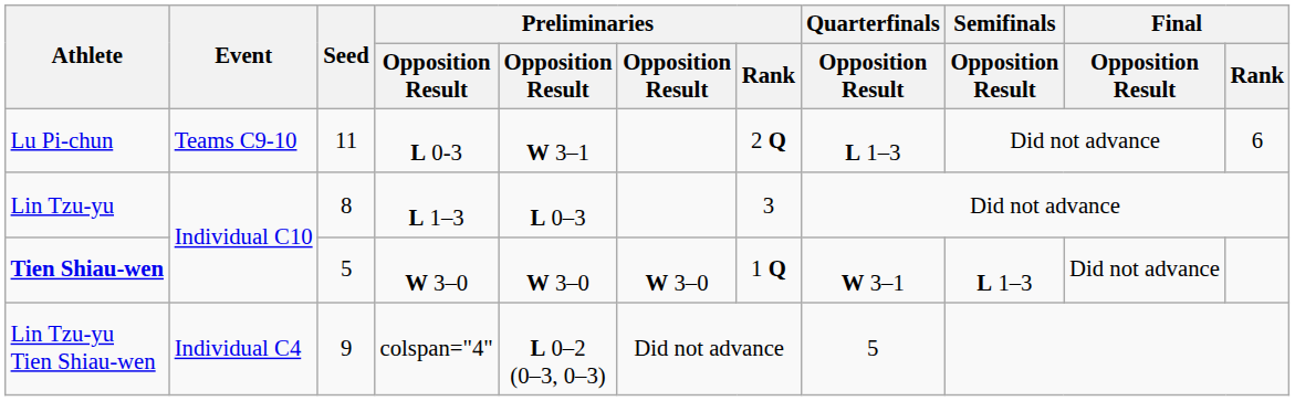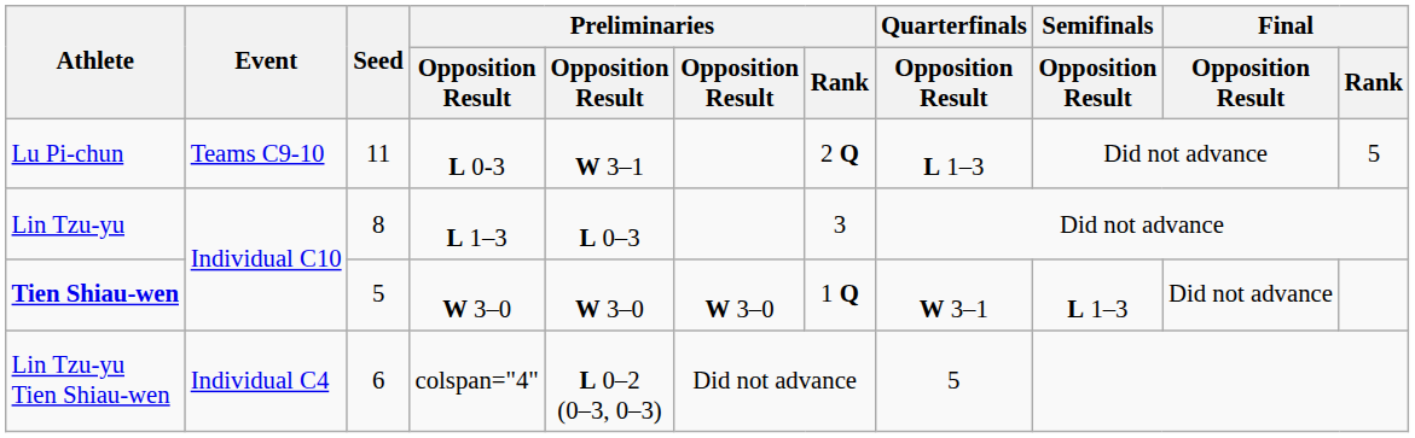 <table class="wikitable" style="font-size:90%; text-align:center">
 <tr>
 <th rowspan="2">Athlete</th>
 <th rowspan="2">Event</th>
 <th rowspan="2">Seed</th>
 <th colspan="4">Preliminaries</th>
 <th>Quarterfinals</th>
 <th>Semifinals</th>
 <th colspan="2">Final</th>
 </tr>
 <tr>
 <th>Opposition<br>Result</th>
 <th>Opposition<br>Result</th>
 <th>Opposition<br>Result</th>
 <th>Rank</th>
 <th>Opposition<br>Result</th>
 <th>Opposition<br>Result</th>
 <th>Opposition<br>Result</th>
 <th>Rank</th>
 </tr>
 <tr>
 <td align="left"><a href='#'>Lu Pi-chun</a></td>
 <td align="left"><a href='#'>Teams C9-10</a></td>
 <td>11</td>
 <td><br> <strong>L</strong> 0-3</td>
 <td><br><strong>W</strong> 3–1</td>
 <td></td>
 <td>2 <strong>Q</strong></td>
 <td><br><strong>L</strong> 1–3</td>
 <td colspan="2">Did not advance</td>
-<td>6</td>
+<td>5</td>
 </tr>
 <tr>
 <td align="left"><a href='#'>Lin Tzu-yu</a></td>
 <td align="left" rowspan="2"><a href='#'>Individual C10</a></td>
 <td>8</td>
 <td><br><strong> L</strong> 1–3</td>
 <td><br><strong>L</strong> 0–3</td>
 <td></td>
 <td>3</td>
 <td colspan="4">Did not advance</td>
 </tr>
 <tr>
 <td align="left"><strong><a href='#'>Tien Shiau-wen</a></strong></td>
 <td>5</td>
 <td><br><strong>W</strong> 3–0</td>
 <td><br><strong>W</strong> 3–0</td>
 <td><br><strong>W</strong> 3–0</td>
 <td>1 <strong>Q</strong></td>
 <td><br><strong>W</strong> 3–1</td>
 <td><br><strong>L</strong> 1–3</td>
 <td>Did not advance</td>
 <td></td>
 </tr>
 <tr>
 <td align="left"><a href='#'>Lin Tzu-yu</a><br><a href='#'>Tien Shiau-wen</a></td>
 <td align="left"><a href='#'>Individual C4</a></td>
-<td>9</td>
+<td>6</td>
 <td>colspan="4" </td>
 <td><br><strong>L</strong> 0–2<br>(0–3, 0–3)</td>
 <td colspan="2">Did not advance</td>
 <td>5</td>
 </tr>
 </table>
